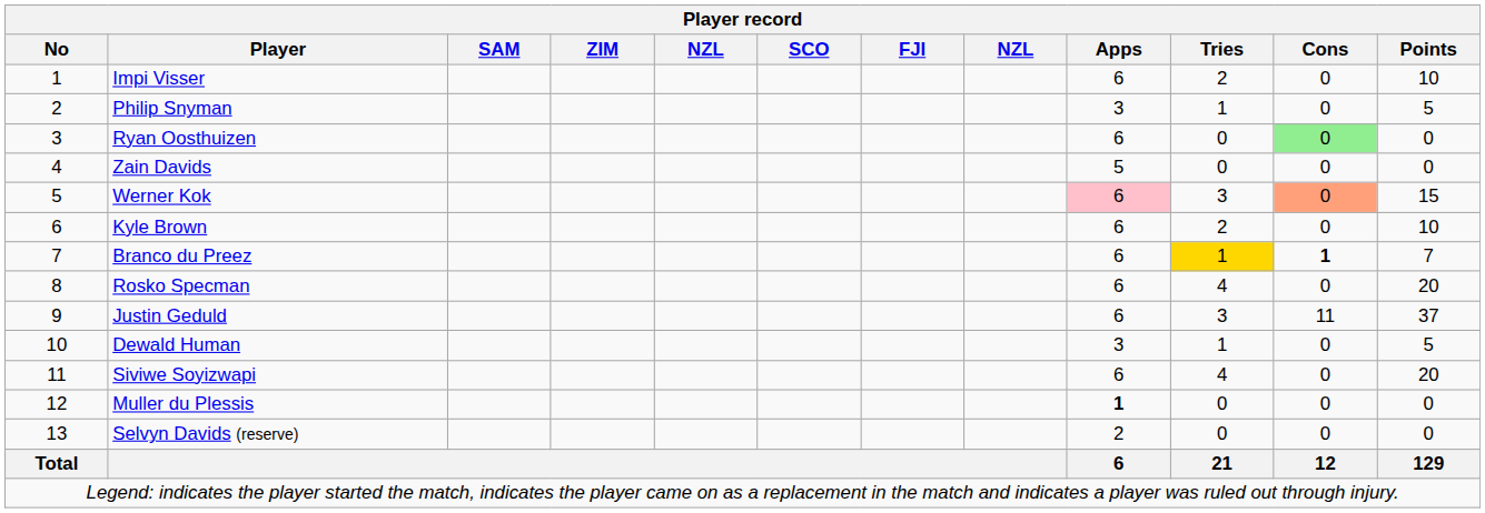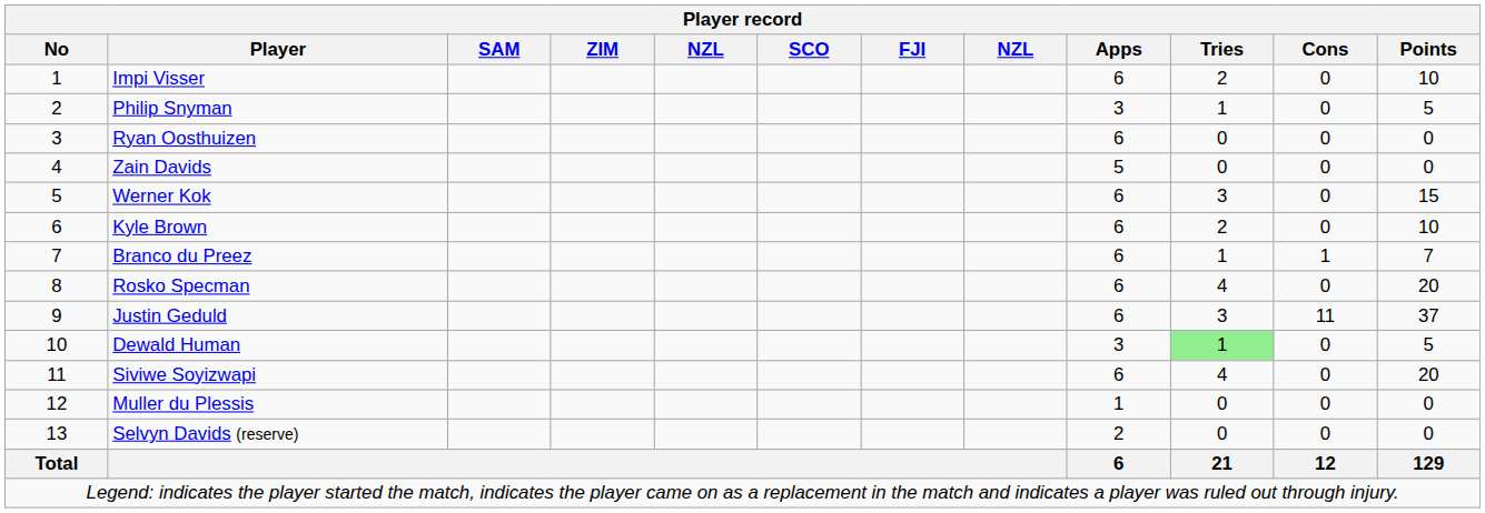 <table class="wikitable" style="text-align:center; width:100%">
 <tr>
 <th colspan="100%">Player record</th>
 </tr>
 <tr>
 <th style="width:7%;">No</th>
 <th style="width:23%;">Player</th>
 <th style="width:7%;"><a href='#'>SAM</a></th>
 <th style="width:7%;"><a href='#'>ZIM</a></th>
 <th style="width:7%;"><a href='#'>NZL</a></th>
 <th style="width:7%;"><a href='#'>SCO</a></th>
 <th style="width:7%;"><a href='#'>FJI</a></th>
 <th style="width:7%;"><a href='#'>NZL</a></th>
 <th style="width:7%;">Apps</th>
 <th style="width:7%;">Tries</th>
 <th style="width:7%;">Cons</th>
 <th style="width:7%;">Points</th>
 </tr>
 <tr>
 <td>1</td>
 <td style="text-align:left;"><a href='#'>Impi Visser</a></td>
 <td></td>
 <td></td>
 <td></td>
 <td></td>
 <td></td>
 <td></td>
 <td>6</td>
 <td>2</td>
 <td>0</td>
 <td>10</td>
 </tr>
 <tr>
 <td>2</td>
 <td style="text-align:left;"><a href='#'>Philip Snyman</a></td>
 <td></td>
 <td></td>
 <td></td>
 <td></td>
 <td></td>
 <td></td>
 <td>3</td>
 <td>1</td>
 <td>0</td>
 <td>5</td>
 </tr>
 <tr>
 <td>3</td>
 <td style="text-align:left;"><a href='#'>Ryan Oosthuizen</a></td>
 <td></td>
 <td></td>
 <td></td>
 <td></td>
 <td></td>
 <td></td>
 <td>6</td>
 <td>0</td>
-<td style="background: lightgreen;">0</td>
+<td>0</td>
 <td>0</td>
 </tr>
 <tr>
 <td>4</td>
 <td style="text-align:left;"><a href='#'>Zain Davids</a></td>
 <td></td>
 <td></td>
 <td></td>
 <td></td>
 <td></td>
 <td></td>
 <td>5</td>
 <td>0</td>
 <td>0</td>
 <td>0</td>
 </tr>
 <tr>
 <td>5</td>
 <td style="text-align:left;"><a href='#'>Werner Kok</a></td>
 <td></td>
 <td></td>
 <td></td>
 <td></td>
 <td></td>
 <td></td>
-<td style="background: pink;">6</td>
+<td>6</td>
 <td>3</td>
-<td style="background: lightsalmon;">0</td>
+<td>0</td>
 <td>15</td>
 </tr>
 <tr>
 <td>6</td>
 <td style="text-align:left;"><a href='#'>Kyle Brown</a></td>
 <td></td>
 <td></td>
 <td></td>
 <td></td>
 <td></td>
 <td></td>
 <td>6</td>
 <td>2</td>
 <td>0</td>
 <td>10</td>
 </tr>
 <tr>
 <td>7</td>
 <td style="text-align:left;"><a href='#'>Branco du Preez</a></td>
 <td></td>
 <td></td>
 <td></td>
 <td></td>
 <td></td>
 <td></td>
 <td>6</td>
-<td style="background: gold;">1</td>
-<td><strong>1</strong></td>
+<td>1</td>
+<td>1</td>
 <td>7</td>
 </tr>
 <tr>
 <td>8</td>
 <td style="text-align:left;"><a href='#'>Rosko Specman</a></td>
 <td></td>
 <td></td>
 <td></td>
 <td></td>
 <td></td>
 <td></td>
 <td>6</td>
 <td>4</td>
 <td>0</td>
 <td>20</td>
 </tr>
 <tr>
 <td>9</td>
 <td style="text-align:left;"><a href='#'>Justin Geduld</a></td>
 <td></td>
 <td></td>
 <td></td>
 <td></td>
 <td></td>
 <td></td>
 <td>6</td>
 <td>3</td>
 <td>11</td>
 <td>37</td>
 </tr>
 <tr>
 <td>10</td>
 <td style="text-align:left;"><a href='#'>Dewald Human</a></td>
 <td></td>
 <td></td>
 <td></td>
 <td></td>
 <td></td>
 <td></td>
 <td>3</td>
-<td>1</td>
+<td style="background: lightgreen;">1</td>
 <td>0</td>
 <td>5</td>
 </tr>
 <tr>
 <td>11</td>
 <td style="text-align:left;"><a href='#'>Siviwe Soyizwapi</a></td>
 <td></td>
 <td></td>
 <td></td>
 <td></td>
 <td></td>
 <td></td>
 <td>6</td>
 <td>4</td>
 <td>0</td>
 <td>20</td>
 </tr>
 <tr>
 <td>12</td>
 <td style="text-align:left;"><a href='#'>Muller du Plessis</a></td>
 <td></td>
 <td></td>
 <td></td>
 <td></td>
 <td></td>
 <td></td>
-<td><strong>1</strong></td>
+<td>1</td>
 <td>0</td>
 <td>0</td>
 <td>0</td>
 </tr>
 <tr>
 <td>13</td>
 <td style="text-align:left;"><a href='#'>Selvyn Davids</a> <small>(reserve)</small></td>
 <td></td>
 <td></td>
 <td></td>
 <td></td>
 <td></td>
 <td></td>
 <td>2</td>
 <td>0</td>
 <td>0</td>
 <td>0</td>
 </tr>
 <tr>
 <th>Total</th>
 <th colspan="7"></th>
 <th>6</th>
 <th>21</th>
 <th>12</th>
 <th>129</th>
 </tr>
 <tr>
 <td colspan="100%"><em>Legend: <span></span> indicates the player started the match, <span></span> indicates the player came on as a replacement in the match and  indicates a player was ruled out through injury.</em></td>
 </tr>
 </table>
